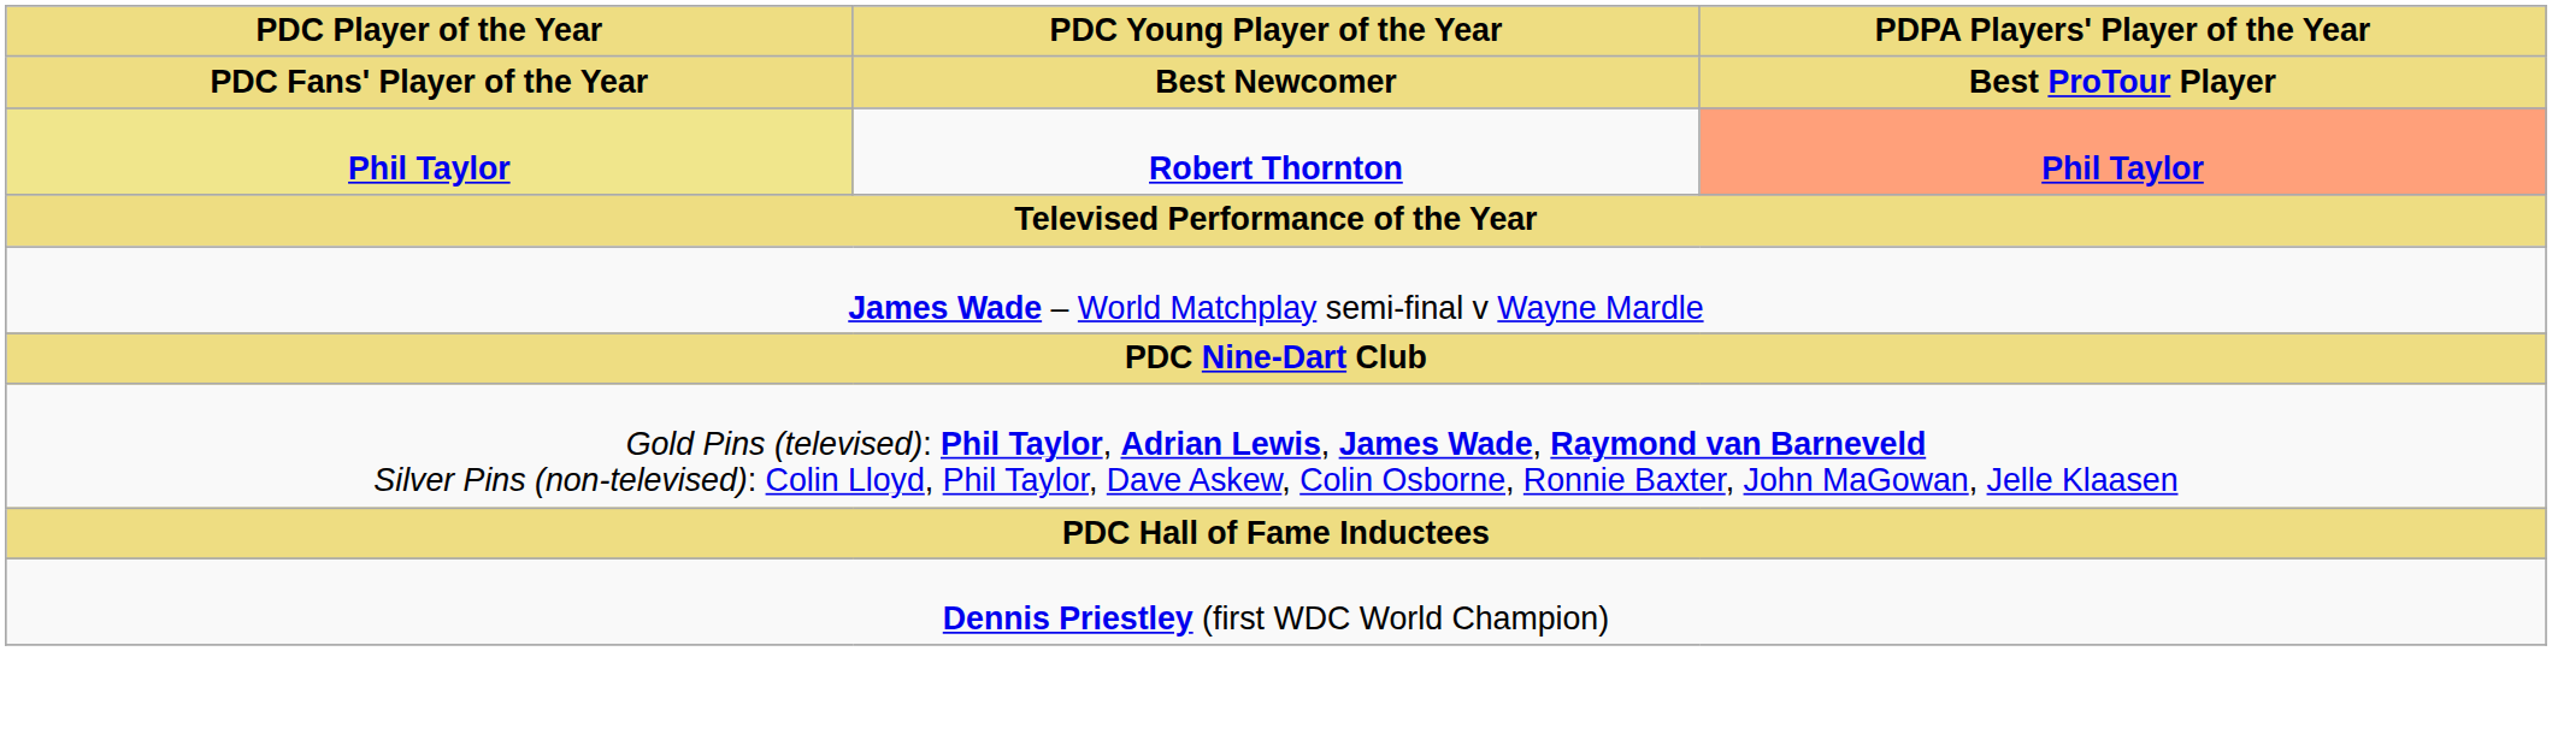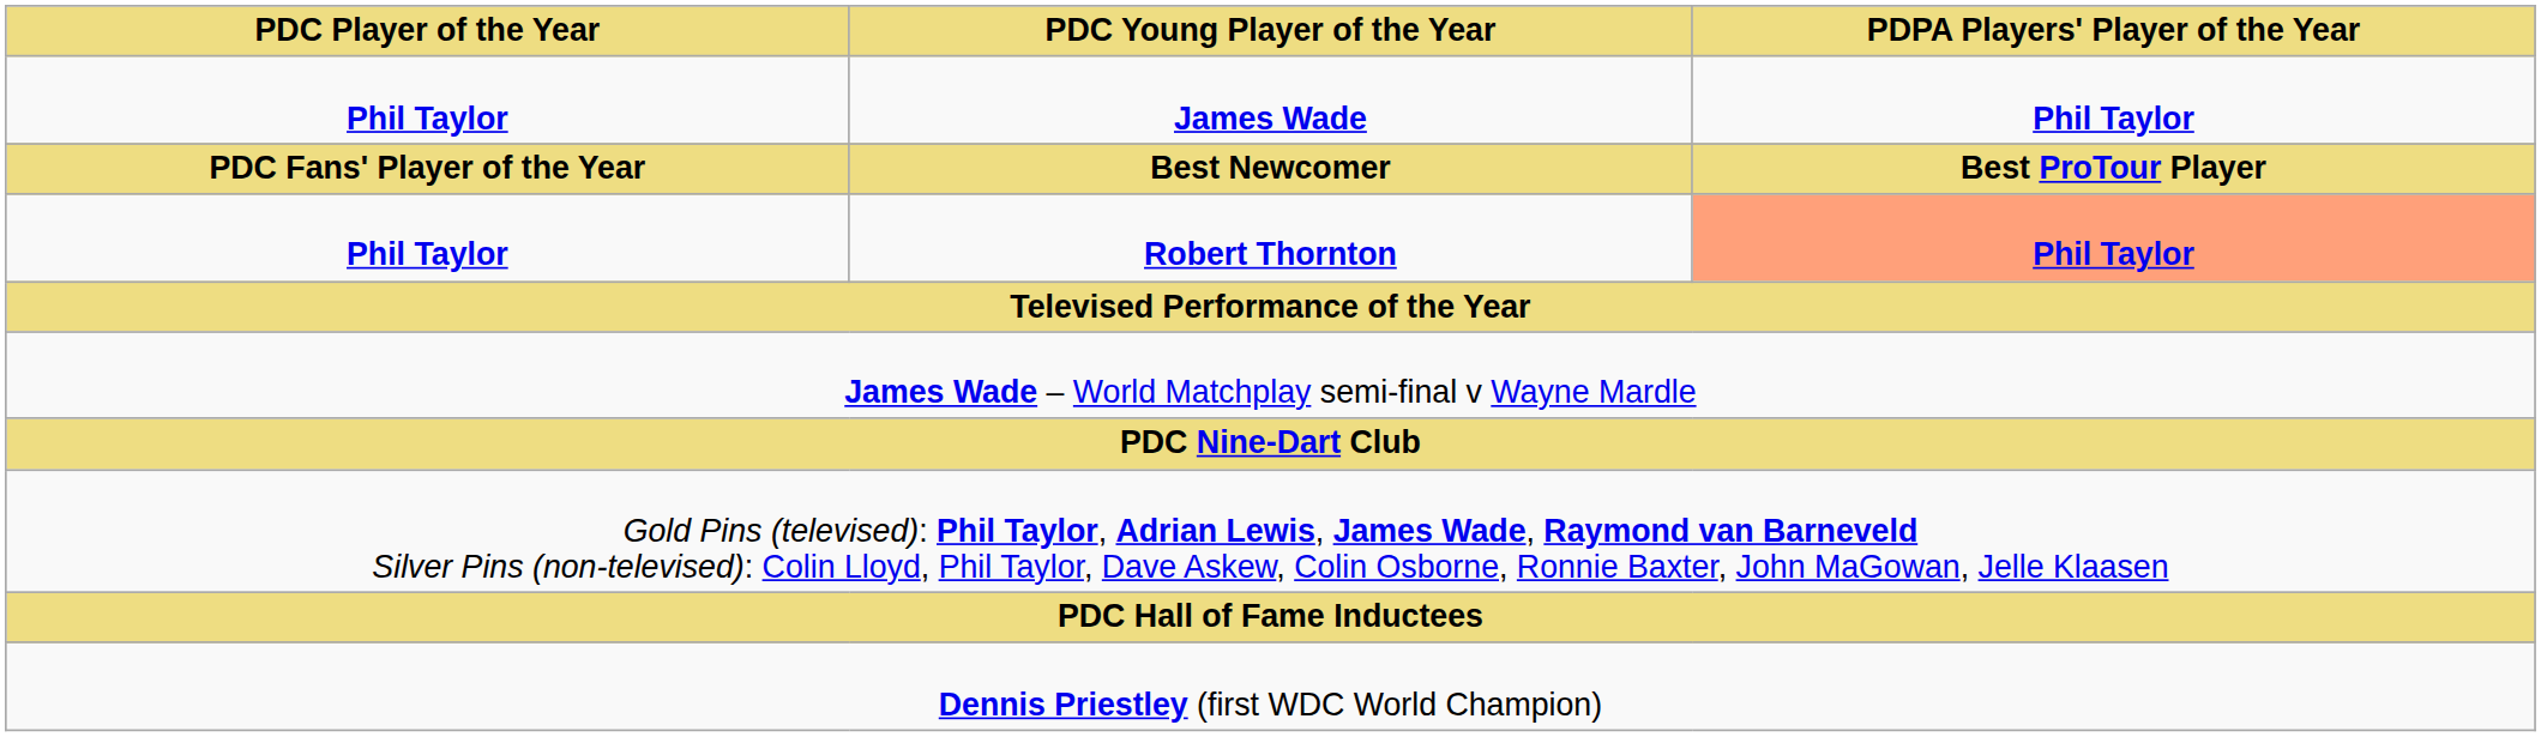 <table class="wikitable" style="width:100%; text-align:center">
 <tr>
 <th style="background:#EEDD82; width:33.33%">PDC Player of the Year</th>
 <th style="background:#EEDD82; width:33.33%">PDC Young Player of the Year</th>
 <th style="background:#EEDD82; width:33.33%">PDPA Players' Player of the Year</th>
 </tr>
 <tr>
+<td><br><strong><a href='#'>Phil Taylor</a></strong></td>
+<td><br><strong><a href='#'>James Wade</a></strong></td>
+<td><br><strong><a href='#'>Phil Taylor</a></strong></td>
+</tr>
+<tr>
 <th style="background:#EEDD82;">PDC Fans' Player of the Year</th>
 <th style="background:#EEDD82;">Best Newcomer</th>
 <th style="background:#EEDD82;">Best <a href='#'>ProTour</a> Player</th>
 </tr>
 <tr>
-<td style="background: khaki;"><br><strong><a href='#'>Phil Taylor</a></strong></td>
+<td><br><strong><a href='#'>Phil Taylor</a></strong></td>
 <td><br><strong><a href='#'>Robert Thornton</a></strong></td>
 <td style="background: lightsalmon;"><br><strong><a href='#'>Phil Taylor</a></strong></td>
 </tr>
 <tr>
 <th colspan=3 style="background:#EEDD82;">Televised Performance of the Year</th>
 </tr>
 <tr>
 <td colspan=3><br><strong><a href='#'>James Wade</a></strong> – <a href='#'>World Matchplay</a> semi-final v <a href='#'>Wayne Mardle</a></td>
 </tr>
 <tr>
 <th colspan=3 style="background:#EEDD82;">PDC <a href='#'>Nine-Dart</a> Club</th>
 </tr>
 <tr>
 <td colspan=3><br><em>Gold Pins (televised)</em>: <strong><a href='#'>Phil Taylor</a></strong>, <strong><a href='#'>Adrian Lewis</a></strong>, <strong><a href='#'>James Wade</a></strong>, <strong><a href='#'>Raymond van Barneveld</a></strong><br><em>Silver Pins (non-televised)</em>: <a href='#'>Colin Lloyd</a>, <a href='#'>Phil Taylor</a>, <a href='#'>Dave Askew</a>, <a href='#'>Colin Osborne</a>, <a href='#'>Ronnie Baxter</a>, <a href='#'>John MaGowan</a>, <a href='#'>Jelle Klaasen</a></td>
 </tr>
 <tr>
 <th colspan=3 style="background:#EEDD82;">PDC Hall of Fame Inductees</th>
 </tr>
 <tr>
 <td colspan="3" style="text-align:center;"><br><strong><a href='#'>Dennis Priestley</a></strong> (first WDC World Champion)</td>
 </tr>
 </table>
